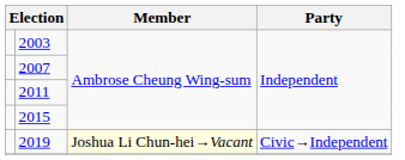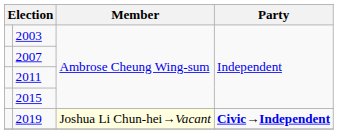 <table class="wikitable">
 <tr>
 <th colspan="2">Election</th>
 <th>Member</th>
 <th>Party</th>
 </tr>
 <tr>
 <td style="background-color: "></td>
 <td><a href='#'>2003</a></td>
 <td rowspan=4><a href='#'>Ambrose Cheung Wing-sum</a></td>
 <td rowspan=4><a href='#'>Independent</a></td>
 </tr>
 <tr>
 <td style="background-color: "></td>
 <td><a href='#'>2007</a></td>
 </tr>
 <tr>
 <td style="background-color: "></td>
 <td><a href='#'>2011</a></td>
 </tr>
 <tr>
 <td style="background-color: "></td>
 <td><a href='#'>2015</a></td>
 </tr>
 <tr>
 <td style="background-color: "></td>
 <td><a href='#'>2019</a></td>
 <td style="background: lightyellow;">Joshua Li Chun-hei→<em>Vacant</em></td>
-<td><a href='#'>Civic</a>→<a href='#'>Independent</a></td>
+<td><strong><a href='#'>Civic</a>→<a href='#'>Independent</a></strong></td>
 </tr>
 <tr>
 </tr>
 </table>
